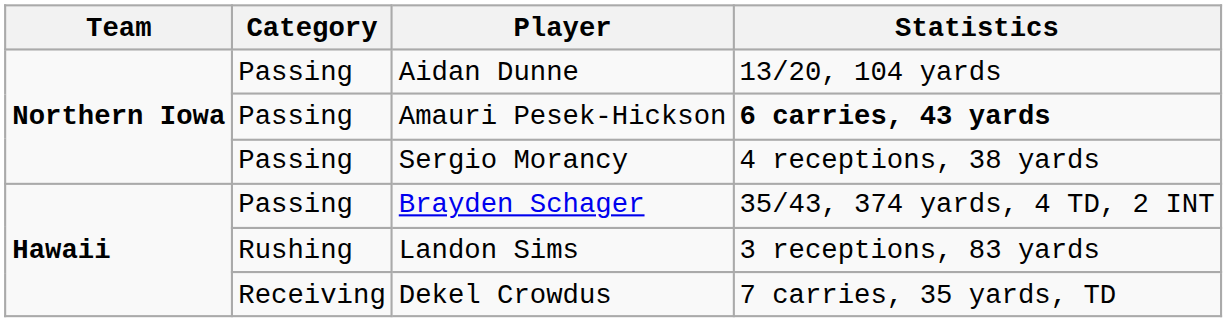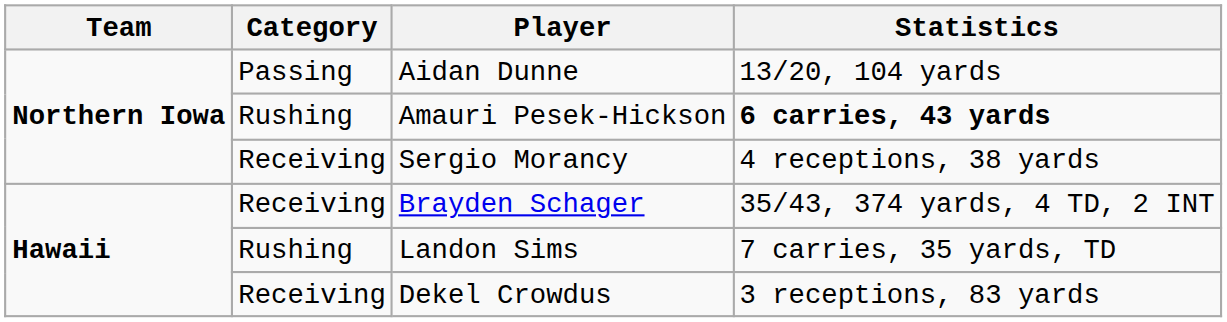 <table class="wikitable" style="float: right;">
 <tr>
 <th>Team</th>
 <th>Category</th>
 <th>Player</th>
 <th>Statistics</th>
 </tr>
 <tr>
 <td rowspan=3><strong>Northern Iowa</strong></td>
 <td>Passing</td>
 <td>Aidan Dunne</td>
 <td>13/20, 104 yards</td>
 </tr>
 <tr>
-<td>Passing</td>
+<td>Rushing</td>
 <td>Amauri Pesek-Hickson</td>
 <td><strong>6 carries, 43 yards</strong></td>
 </tr>
 <tr>
-<td>Passing</td>
+<td>Receiving</td>
 <td>Sergio Morancy</td>
 <td>4 receptions, 38 yards</td>
 </tr>
 <tr>
 <td rowspan=3><strong>Hawaii</strong></td>
-<td>Passing</td>
+<td>Receiving</td>
 <td><a href='#'>Brayden Schager</a></td>
 <td>35/43, 374 yards, 4 TD, 2 INT</td>
 </tr>
 <tr>
 <td>Rushing</td>
 <td>Landon Sims</td>
-<td>3 receptions, 83 yards</td>
+<td>7 carries, 35 yards, TD</td>
 </tr>
 <tr>
 <td>Receiving</td>
 <td>Dekel Crowdus</td>
-<td>7 carries, 35 yards, TD</td>
+<td>3 receptions, 83 yards</td>
 </tr>
 </table>
